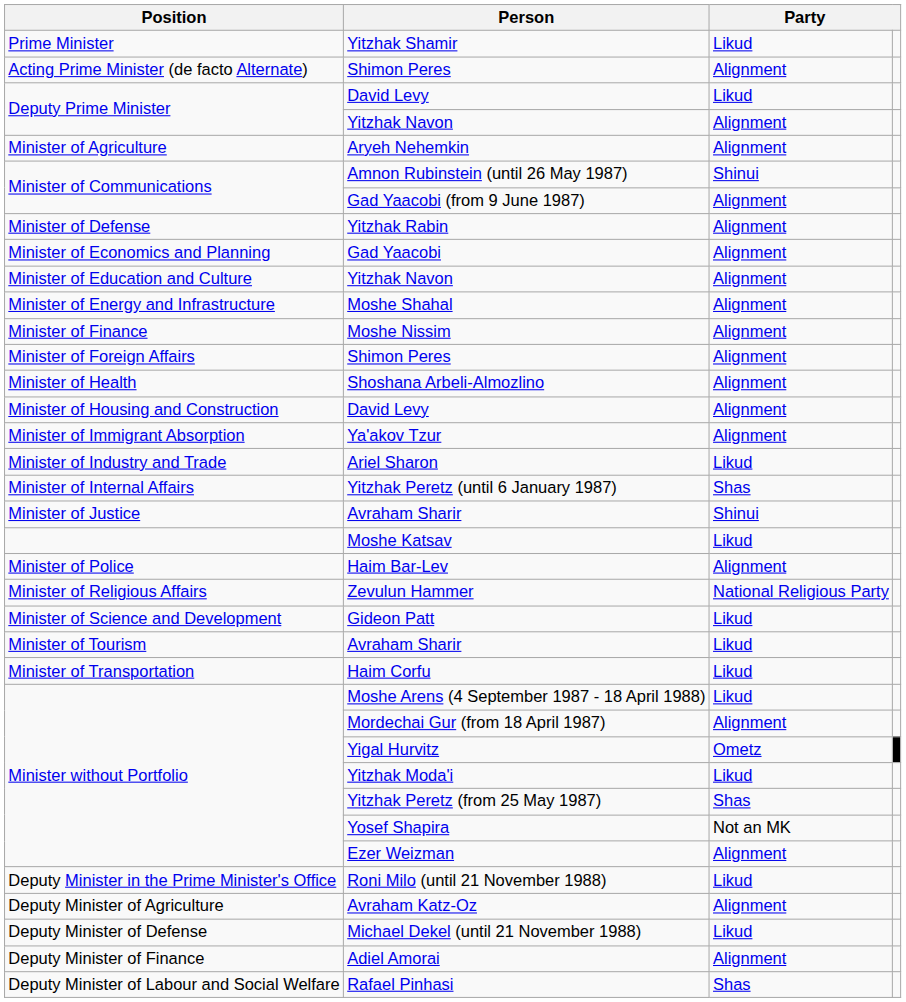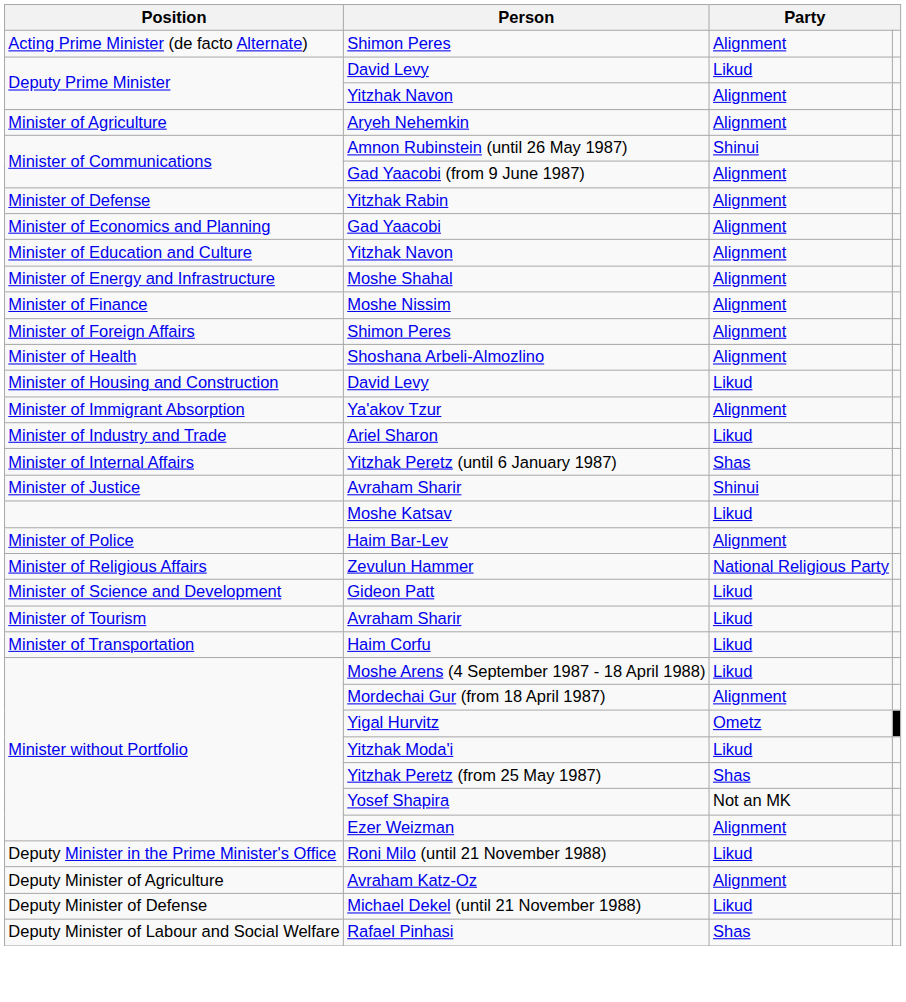 <table class=wikitable style="text-align:left">
 <tr>
 <th>Position</th>
 <th>Person</th>
 <th colspan=2>Party</th>
-</tr>
-<tr>
-<td><a href='#'>Prime Minister</a></td>
-<td><a href='#'>Yitzhak Shamir</a></td>
-<td><a href='#'>Likud</a></td>
-<td style="background:"></td>
 </tr>
 <tr>
 <td><a href='#'>Acting Prime Minister</a> (de facto <a href='#'>Alternate</a>)</td>
 <td><a href='#'>Shimon Peres</a></td>
 <td><a href='#'>Alignment</a></td>
 <td style="background:"></td>
 </tr>
 <tr>
 <td rowspan=2><a href='#'>Deputy Prime Minister</a></td>
 <td><a href='#'>David Levy</a></td>
 <td><a href='#'>Likud</a></td>
 <td style="background:"></td>
 </tr>
 <tr>
 <td><a href='#'>Yitzhak Navon</a></td>
 <td><a href='#'>Alignment</a></td>
 <td style="background:"></td>
 </tr>
 <tr>
 <td><a href='#'>Minister of Agriculture</a></td>
 <td><a href='#'>Aryeh Nehemkin</a></td>
 <td><a href='#'>Alignment</a></td>
 <td style="background:"></td>
 </tr>
 <tr>
 <td rowspan=2><a href='#'>Minister of Communications</a></td>
 <td><a href='#'>Amnon Rubinstein</a> (until 26 May 1987)</td>
 <td><a href='#'>Shinui</a></td>
 <td style="background:"></td>
 </tr>
 <tr>
 <td><a href='#'>Gad Yaacobi</a> (from 9 June 1987)</td>
 <td><a href='#'>Alignment</a></td>
 <td style="background:"></td>
 </tr>
 <tr>
 <td><a href='#'>Minister of Defense</a></td>
 <td><a href='#'>Yitzhak Rabin</a></td>
 <td><a href='#'>Alignment</a></td>
 <td style="background:"></td>
 </tr>
 <tr>
 <td><a href='#'>Minister of Economics and Planning</a></td>
 <td><a href='#'>Gad Yaacobi</a></td>
 <td><a href='#'>Alignment</a></td>
 <td style="background:"></td>
 </tr>
 <tr>
 <td><a href='#'>Minister of Education and Culture</a></td>
 <td><a href='#'>Yitzhak Navon</a></td>
 <td><a href='#'>Alignment</a></td>
 <td style="background:"></td>
 </tr>
 <tr>
 <td><a href='#'>Minister of Energy and Infrastructure</a></td>
 <td><a href='#'>Moshe Shahal</a></td>
 <td><a href='#'>Alignment</a></td>
 <td style="background:"></td>
 </tr>
 <tr>
 <td><a href='#'>Minister of Finance</a></td>
 <td><a href='#'>Moshe Nissim</a></td>
 <td><a href='#'>Alignment</a></td>
 <td style="background:"></td>
 </tr>
 <tr>
 <td><a href='#'>Minister of Foreign Affairs</a></td>
 <td><a href='#'>Shimon Peres</a></td>
 <td><a href='#'>Alignment</a></td>
 <td style="background:"></td>
 </tr>
 <tr>
 <td><a href='#'>Minister of Health</a></td>
 <td><a href='#'>Shoshana Arbeli-Almozlino</a></td>
 <td><a href='#'>Alignment</a></td>
 <td style="background:"></td>
 </tr>
 <tr>
 <td><a href='#'>Minister of Housing and Construction</a></td>
 <td><a href='#'>David Levy</a></td>
-<td><a href='#'>Alignment</a></td>
+<td><a href='#'>Likud</a></td>
 <td style="background:"></td>
 </tr>
 <tr>
 <td><a href='#'>Minister of Immigrant Absorption</a></td>
 <td><a href='#'>Ya'akov Tzur</a></td>
 <td><a href='#'>Alignment</a></td>
 <td style="background:"></td>
 </tr>
 <tr>
 <td><a href='#'>Minister of Industry and Trade</a></td>
 <td><a href='#'>Ariel Sharon</a></td>
 <td><a href='#'>Likud</a></td>
 <td style="background:"></td>
 </tr>
 <tr>
 <td><a href='#'>Minister of Internal Affairs</a></td>
 <td><a href='#'>Yitzhak Peretz</a> (until 6 January 1987)</td>
 <td><a href='#'>Shas</a></td>
 <td style="background:"></td>
 </tr>
 <tr>
 <td><a href='#'>Minister of Justice</a></td>
 <td><a href='#'>Avraham Sharir</a></td>
 <td><a href='#'>Shinui</a></td>
 <td style="background:"></td>
 </tr>
 <tr>
 <td></td>
 <td><a href='#'>Moshe Katsav</a></td>
 <td><a href='#'>Likud</a></td>
 <td style="background:"></td>
 </tr>
 <tr>
 <td><a href='#'>Minister of Police</a></td>
 <td><a href='#'>Haim Bar-Lev</a></td>
 <td><a href='#'>Alignment</a></td>
 <td style="background:"></td>
 </tr>
 <tr>
 <td><a href='#'>Minister of Religious Affairs</a></td>
 <td><a href='#'>Zevulun Hammer</a></td>
 <td><a href='#'>National Religious Party</a></td>
 <td style="background:"></td>
 </tr>
 <tr>
 <td><a href='#'>Minister of Science and Development</a></td>
 <td><a href='#'>Gideon Patt</a></td>
 <td><a href='#'>Likud</a></td>
 <td style="background:"></td>
 </tr>
 <tr>
 <td><a href='#'>Minister of Tourism</a></td>
 <td><a href='#'>Avraham Sharir</a></td>
 <td><a href='#'>Likud</a></td>
 <td style="background:"></td>
 </tr>
 <tr>
 <td><a href='#'>Minister of Transportation</a></td>
 <td><a href='#'>Haim Corfu</a></td>
 <td><a href='#'>Likud</a></td>
 <td style="background:"></td>
 </tr>
 <tr>
 <td rowspan=7><a href='#'>Minister without Portfolio</a></td>
 <td><a href='#'>Moshe Arens</a> (4 September 1987 - 18 April 1988)</td>
 <td><a href='#'>Likud</a></td>
 <td style="background:"></td>
 </tr>
 <tr>
 <td><a href='#'>Mordechai Gur</a> (from 18 April 1987)</td>
 <td><a href='#'>Alignment</a></td>
 <td style="background:"></td>
 </tr>
 <tr>
 <td><a href='#'>Yigal Hurvitz</a></td>
 <td><a href='#'>Ometz</a></td>
 <td style="background:#000000"></td>
 </tr>
 <tr>
 <td><a href='#'>Yitzhak Moda'i</a></td>
 <td><a href='#'>Likud</a></td>
 <td style="background:"></td>
 </tr>
 <tr>
 <td><a href='#'>Yitzhak Peretz</a> (from 25 May 1987)</td>
 <td><a href='#'>Shas</a></td>
 <td style="background:"></td>
 </tr>
 <tr>
 <td><a href='#'>Yosef Shapira</a></td>
 <td>Not an MK</td>
 <td style="background:"></td>
 </tr>
 <tr>
 <td><a href='#'>Ezer Weizman</a></td>
 <td><a href='#'>Alignment</a></td>
 <td style="background:"></td>
 </tr>
 <tr>
 <td>Deputy <a href='#'>Minister in the Prime Minister's Office</a></td>
 <td><a href='#'>Roni Milo</a> (until 21 November 1988)</td>
 <td><a href='#'>Likud</a></td>
 <td style="background:"></td>
 </tr>
 <tr>
 <td>Deputy Minister of Agriculture</td>
 <td><a href='#'>Avraham Katz-Oz</a></td>
 <td><a href='#'>Alignment</a></td>
 <td style="background:"></td>
 </tr>
 <tr>
 <td>Deputy Minister of Defense</td>
 <td><a href='#'>Michael Dekel</a> (until 21 November 1988)</td>
 <td><a href='#'>Likud</a></td>
 <td style="background:"></td>
 </tr>
 <tr>
-<td>Deputy Minister of Finance</td>
-<td><a href='#'>Adiel Amorai</a></td>
-<td><a href='#'>Alignment</a></td>
-<td style="background:"></td>
-</tr>
-<tr>
 <td>Deputy Minister of Labour and Social Welfare</td>
 <td><a href='#'>Rafael Pinhasi</a></td>
 <td><a href='#'>Shas</a></td>
 <td style="background:"></td>
 </tr>
 </table>
